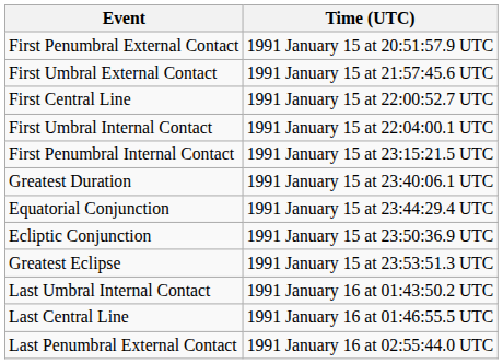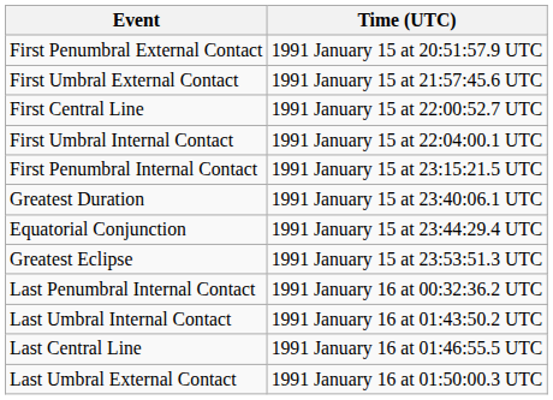 <table class="wikitable">
 <tr>
 <th>Event</th>
 <th>Time (UTC)</th>
 </tr>
 <tr>
 <td>First Penumbral External Contact</td>
 <td>1991 January 15 at 20:51:57.9 UTC</td>
 </tr>
 <tr>
 <td>First Umbral External Contact</td>
 <td>1991 January 15 at 21:57:45.6 UTC</td>
 </tr>
 <tr>
 <td>First Central Line</td>
 <td>1991 January 15 at 22:00:52.7 UTC</td>
 </tr>
 <tr>
 <td>First Umbral Internal Contact</td>
 <td>1991 January 15 at 22:04:00.1 UTC</td>
 </tr>
 <tr>
 <td>First Penumbral Internal Contact</td>
 <td>1991 January 15 at 23:15:21.5 UTC</td>
 </tr>
 <tr>
 <td>Greatest Duration</td>
 <td>1991 January 15 at 23:40:06.1 UTC</td>
 </tr>
 <tr>
 <td>Equatorial Conjunction</td>
 <td>1991 January 15 at 23:44:29.4 UTC</td>
 </tr>
 <tr>
-<td>Ecliptic Conjunction</td>
-<td>1991 January 15 at 23:50:36.9 UTC</td>
+<td>Greatest Eclipse</td>
+<td>1991 January 15 at 23:53:51.3 UTC</td>
 </tr>
 <tr>
-<td>Greatest Eclipse</td>
-<td>1991 January 15 at 23:53:51.3 UTC</td>
+<td>Last Penumbral Internal Contact</td>
+<td>1991 January 16 at 00:32:36.2 UTC</td>
 </tr>
 <tr>
 <td>Last Umbral Internal Contact</td>
 <td>1991 January 16 at 01:43:50.2 UTC</td>
 </tr>
 <tr>
 <td>Last Central Line</td>
 <td>1991 January 16 at 01:46:55.5 UTC</td>
 </tr>
 <tr>
-<td>Last Penumbral External Contact</td>
-<td>1991 January 16 at 02:55:44.0 UTC</td>
+<td>Last Umbral External Contact</td>
+<td>1991 January 16 at 01:50:00.3 UTC</td>
 </tr>
 </table>
